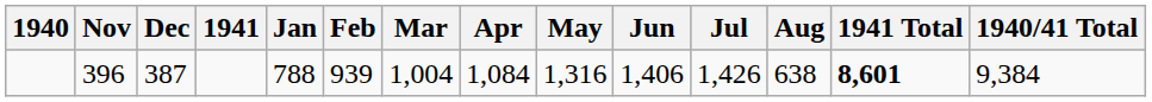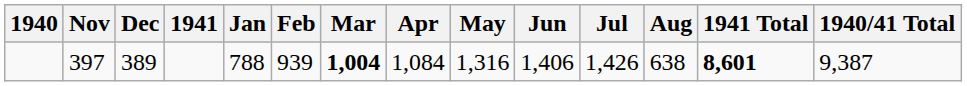 <table class="wikitable">
 <tr>
 <th>1940</th>
 <th>Nov</th>
 <th>Dec</th>
 <th>1941</th>
 <th>Jan</th>
 <th>Feb</th>
 <th>Mar</th>
 <th>Apr</th>
 <th>May</th>
 <th>Jun</th>
 <th>Jul</th>
 <th>Aug</th>
 <th>1941 Total</th>
 <th>1940/41 Total</th>
 </tr>
 <tr>
 <td></td>
-<td>396</td>
-<td>387</td>
+<td>397</td>
+<td>389</td>
 <td></td>
 <td>788</td>
 <td>939</td>
-<td>1,004</td>
+<td><strong>1,004</strong></td>
 <td>1,084</td>
 <td>1,316</td>
 <td>1,406</td>
 <td>1,426</td>
 <td>638</td>
 <td><strong>8,601</strong></td>
-<td>9,384</td>
+<td>9,387</td>
 </tr>
 </table>
